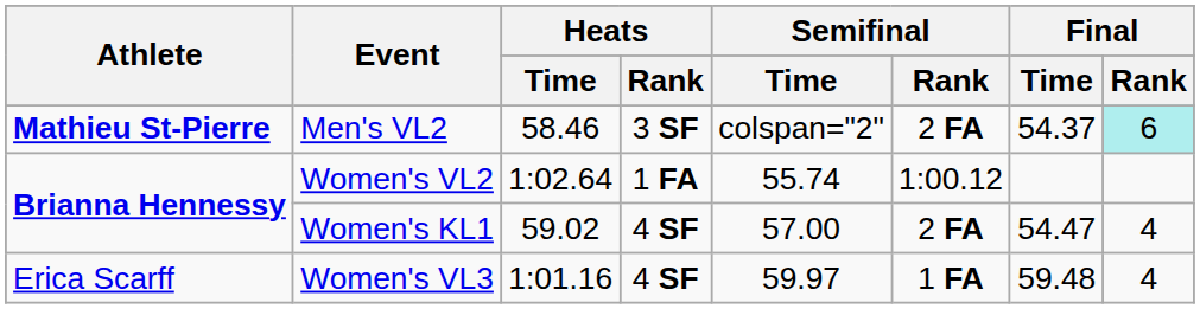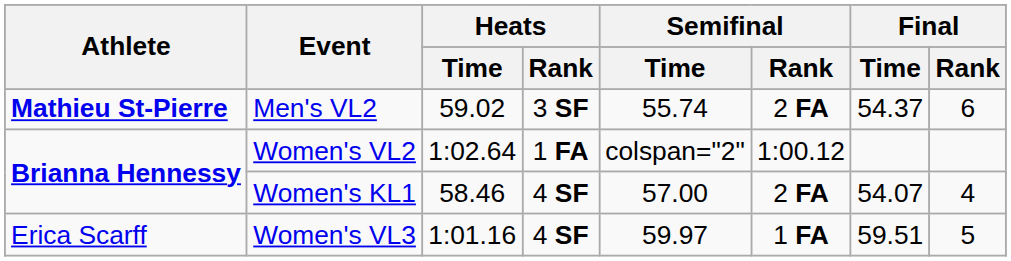 <table class="wikitable" style="font-size:90%">
 <tr>
 <th rowspan="2">Athlete</th>
 <th rowspan="2">Event</th>
 <th colspan="2">Heats</th>
 <th colspan="2">Semifinal</th>
 <th colspan="2">Final</th>
 </tr>
 <tr>
 <th>Time</th>
 <th>Rank</th>
 <th>Time</th>
 <th>Rank</th>
 <th>Time</th>
 <th>Rank</th>
 </tr>
 <tr align=center>
 <td align=left><strong><a href='#'>Mathieu St-Pierre</a></strong></td>
 <td align=left><a href='#'>Men's VL2</a></td>
-<td>58.46</td>
+<td>59.02</td>
 <td>3 <strong>SF</strong></td>
-<td>colspan="2"</td>
+<td>55.74</td>
 <td>2 <strong>FA</strong></td>
 <td>54.37</td>
-<td style="background: paleturquoise;">6</td>
+<td>6</td>
 </tr>
 <tr align=center>
 <td align=left rowspan=2><strong><a href='#'>Brianna Hennessy</a></strong></td>
 <td align=left><a href='#'>Women's VL2</a></td>
 <td>1:02.64</td>
 <td>1 <strong>FA</strong></td>
-<td>55.74</td>
+<td>colspan="2"</td>
 <td>1:00.12</td>
 <td></td>
 </tr>
 <tr align=center>
 <td align=left><a href='#'>Women's KL1</a></td>
-<td>59.02</td>
+<td>58.46</td>
 <td>4 <strong>SF</strong></td>
 <td>57.00</td>
 <td>2 <strong>FA</strong></td>
-<td>54.47</td>
+<td>54.07</td>
 <td>4</td>
 </tr>
 <tr align=center>
 <td align=left><a href='#'>Erica Scarff</a></td>
 <td align=left><a href='#'>Women's VL3</a></td>
 <td>1:01.16</td>
 <td>4 <strong>SF</strong></td>
 <td>59.97</td>
 <td>1 <strong>FA</strong></td>
-<td>59.48</td>
-<td>4</td>
+<td>59.51</td>
+<td>5</td>
 </tr>
 </table>
